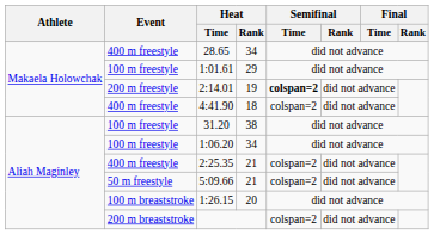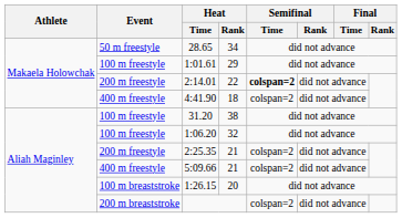 <table class=wikitable style=font-size:90%>
 <tr>
 <th rowspan=2>Athlete</th>
 <th rowspan=2>Event</th>
 <th colspan=2>Heat</th>
 <th colspan=2>Semifinal</th>
 <th colspan=2>Final</th>
 </tr>
 <tr style=font-size:95%>
 <th>Time</th>
 <th>Rank</th>
 <th>Time</th>
 <th>Rank</th>
 <th>Time</th>
 <th>Rank</th>
 </tr>
 <tr align=center>
 <td align=left rowspan=4><a href='#'>Makaela Holowchak</a></td>
-<td align=left><a href='#'>400 m freestyle</a></td>
+<td align=left><a href='#'>50 m freestyle</a></td>
 <td>28.65</td>
 <td>34</td>
 <td Colspan=4>did not advance</td>
 </tr>
 <tr align=center>
 <td align=left><a href='#'>100 m freestyle</a></td>
 <td>1:01.61</td>
 <td>29</td>
 <td colspan=4>did not advance</td>
 </tr>
 <tr align=center>
 <td align=left><a href='#'>200 m freestyle</a></td>
 <td>2:14.01</td>
-<td>19</td>
+<td>22</td>
 <td><strong>colspan=2 </strong></td>
 <td colspan=2>did not advance</td>
 </tr>
 <tr align=center>
 <td align=left><a href='#'>400 m freestyle</a></td>
 <td>4:41.90</td>
 <td>18</td>
 <td>colspan=2 </td>
 <td colspan=2>did not advance</td>
 </tr>
 <tr align=center>
 <td align=left rowspan=6><a href='#'>Aliah Maginley</a></td>
 <td align=left><a href='#'>100 m freestyle</a></td>
 <td>31.20</td>
 <td>38</td>
 <td colspan=4>did not advance</td>
 </tr>
 <tr align=center>
 <td align=left><a href='#'>100 m freestyle</a></td>
 <td>1:06.20</td>
-<td>34</td>
+<td>32</td>
 <td colspan=4>did not advance</td>
 </tr>
 <tr align=center>
-<td align=left><a href='#'>400 m freestyle</a></td>
+<td align=left><a href='#'>200 m freestyle</a></td>
 <td>2:25.35</td>
 <td>21</td>
 <td>colspan=2 </td>
 <td colspan=2>did not advance</td>
 </tr>
 <tr align=center>
-<td align=left><a href='#'>50 m freestyle</a></td>
+<td align=left><a href='#'>400 m freestyle</a></td>
 <td>5:09.66</td>
 <td>21</td>
 <td>colspan=2 </td>
 <td colspan=2>did not advance</td>
 </tr>
 <tr align=center>
 <td align=left><a href='#'>100 m breaststroke</a></td>
 <td>1:26.15</td>
 <td>20</td>
 <td colspan=4>did not advance</td>
 </tr>
 <tr align=center>
 <td align=left><a href='#'>200 m breaststroke</a></td>
 <td colspan=2></td>
 <td>colspan=2 </td>
 <td colspan=2>did not advance</td>
 </tr>
 </table>
